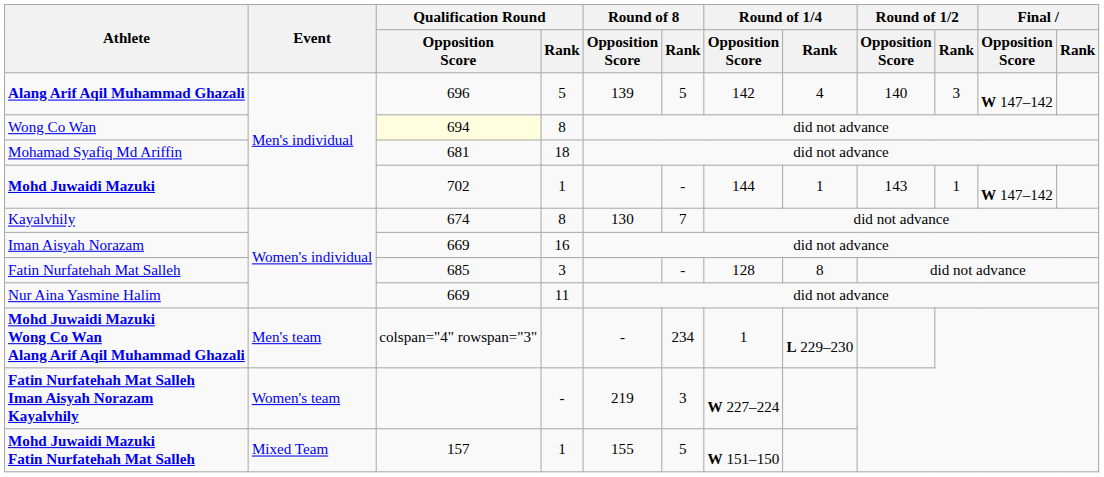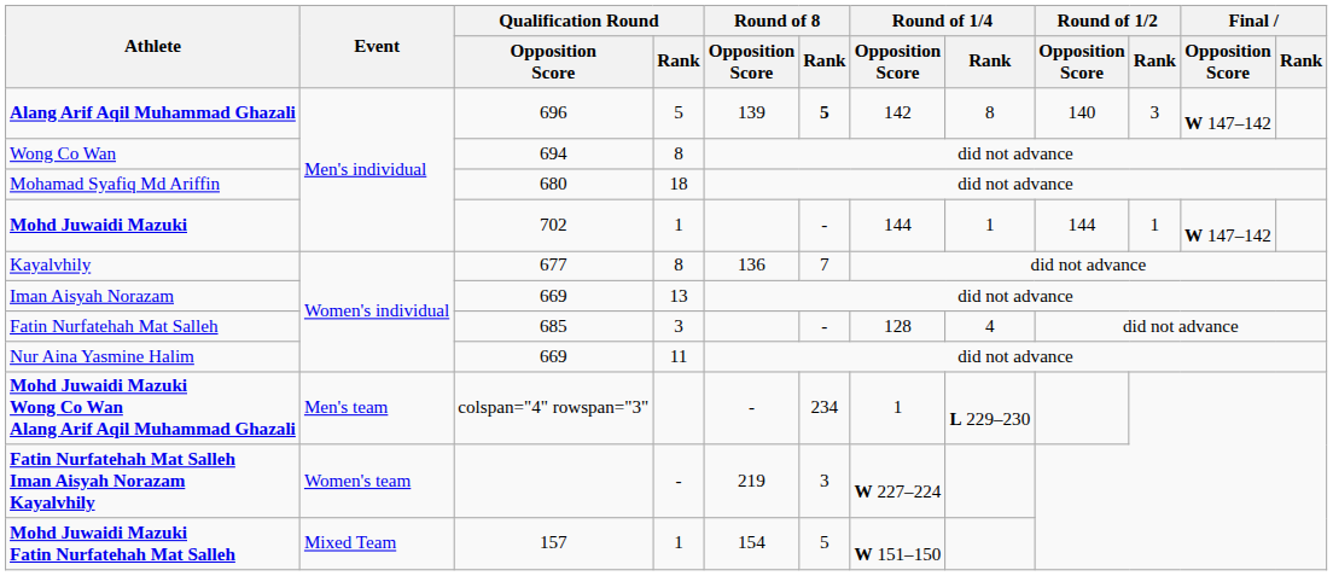 <table class="wikitable" style="text-align:center; font-size:90%">
 <tr>
 <th rowspan="2">Athlete</th>
 <th rowspan="2">Event</th>
 <th colspan="2">Qualification Round</th>
 <th colspan="2">Round of 8</th>
 <th colspan="2">Round of 1/4</th>
 <th colspan="2">Round of 1/2</th>
 <th colspan="2">Final / </th>
 </tr>
 <tr style="font size:95%">
 <th>Opposition<br>Score</th>
 <th>Rank</th>
 <th>Opposition<br>Score</th>
 <th>Rank</th>
 <th>Opposition<br>Score</th>
 <th>Rank</th>
 <th>Opposition<br>Score</th>
 <th>Rank</th>
 <th>Opposition<br>Score</th>
 <th>Rank</th>
 </tr>
 <tr>
 <td align=left><strong><a href='#'>Alang Arif Aqil Muhammad Ghazali</a></strong></td>
 <td align=left rowspan=4><a href='#'>Men's individual</a></td>
 <td>696</td>
 <td>5</td>
 <td>139</td>
-<td>5</td>
+<td><strong>5</strong></td>
 <td>142</td>
-<td>4</td>
+<td>8</td>
 <td>140</td>
 <td>3</td>
 <td><br> <strong>W</strong> 147–142</td>
 <td></td>
 </tr>
 <tr>
 <td align=left><a href='#'>Wong Co Wan</a></td>
-<td style="background: lightyellow;">694</td>
+<td>694</td>
 <td>8</td>
 <td colspan=8>did not advance</td>
 </tr>
 <tr>
 <td align=left><a href='#'>Mohamad Syafiq Md Ariffin</a></td>
-<td>681</td>
+<td>680</td>
 <td>18</td>
 <td colspan=8>did not advance</td>
 </tr>
 <tr>
 <td align=left><strong><a href='#'>Mohd Juwaidi Mazuki</a></strong></td>
 <td>702</td>
 <td>1</td>
 <td></td>
 <td>-</td>
 <td>144</td>
 <td>1</td>
-<td>143</td>
+<td>144</td>
 <td>1</td>
 <td><br> <strong>W</strong> 147–142</td>
 <td></td>
 </tr>
 <tr>
 <td align=left><a href='#'>Kayalvhily</a></td>
 <td align=left rowspan=4><a href='#'>Women's individual</a></td>
-<td>674</td>
+<td>677</td>
 <td>8</td>
-<td>130</td>
+<td>136</td>
 <td>7</td>
 <td colspan=6>did not advance</td>
 </tr>
 <tr>
 <td align=left><a href='#'>Iman Aisyah Norazam</a></td>
 <td>669</td>
-<td>16</td>
+<td>13</td>
 <td colspan=8>did not advance</td>
 </tr>
 <tr>
 <td align=left><a href='#'>Fatin Nurfatehah Mat Salleh</a></td>
 <td>685</td>
 <td>3</td>
 <td></td>
 <td>-</td>
 <td>128</td>
-<td>8</td>
+<td>4</td>
 <td colspan=4>did not advance</td>
 </tr>
 <tr>
 <td align=left><a href='#'>Nur Aina Yasmine Halim</a></td>
 <td>669</td>
 <td>11</td>
 <td colspan=8>did not advance</td>
 </tr>
 <tr>
 <td align=left><strong><a href='#'>Mohd Juwaidi Mazuki</a><br><a href='#'>Wong Co Wan</a><br><a href='#'>Alang Arif Aqil Muhammad Ghazali</a></strong></td>
 <td align=left><a href='#'>Men's team</a></td>
 <td>colspan="4" rowspan="3" </td>
 <td></td>
 <td>-</td>
 <td>234</td>
 <td>1</td>
 <td><br> <strong>L</strong> 229–230</td>
 <td></td>
 </tr>
 <tr>
 <td align=left><strong><a href='#'>Fatin Nurfatehah Mat Salleh</a><br><a href='#'>Iman Aisyah Norazam</a><br><a href='#'>Kayalvhily</a></strong></td>
 <td align=left><a href='#'>Women's team</a></td>
 <td></td>
 <td>-</td>
 <td>219</td>
 <td>3</td>
 <td><br> <strong>W</strong> 227–224</td>
 <td></td>
 </tr>
 <tr>
 <td align=left><strong><a href='#'>Mohd Juwaidi Mazuki</a><br><a href='#'>Fatin Nurfatehah Mat Salleh</a></strong></td>
 <td align=left><a href='#'>Mixed Team</a></td>
 <td>157</td>
 <td>1</td>
-<td>155</td>
+<td>154</td>
 <td>5</td>
 <td><br> <strong>W</strong> 151–150</td>
 <td></td>
 </tr>
 </table>
